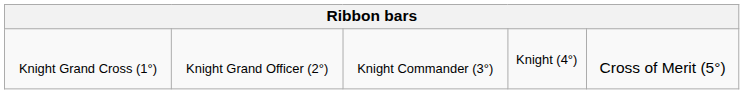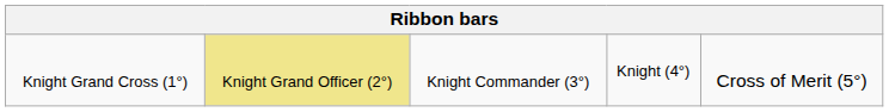 <table class="wikitable" width=60%>
 <tr>
 <th colspan=5>Ribbon bars</th>
 </tr>
 <tr align=center>
 <td><br><small>Knight Grand Cross (1°)</small></td>
-<td><br><small>Knight Grand Officer (2°)</small></td>
+<td style="background: khaki;"><br><small>Knight Grand Officer (2°)</small></td>
 <td><br><small>Knight Commander (3°)</small></td>
 <td><br><small>Knight (4°)<br><br></small></td>
 <td><br> Cross of Merit (5°)</td>
 </tr>
 </table>
